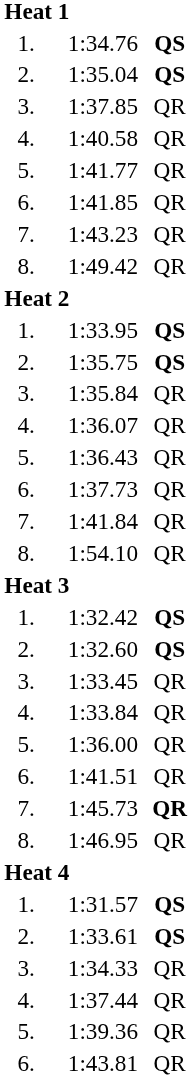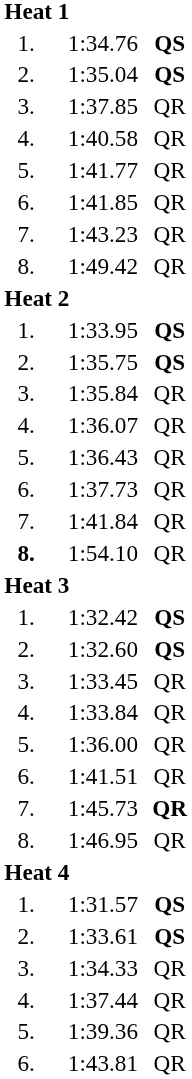 <table style="text-align:center">
 <tr>
 <td colspan=4 align=left><strong>Heat 1</strong></td>
 </tr>
 <tr>
 <td width=30>1.</td>
 <td align=left></td>
 <td width=60>1:34.76</td>
 <td><strong>QS</strong></td>
 </tr>
 <tr>
 <td>2.</td>
 <td align=left></td>
 <td>1:35.04</td>
 <td><strong>QS</strong></td>
 </tr>
 <tr>
 <td>3.</td>
 <td align=left></td>
 <td>1:37.85</td>
 <td>QR</td>
 </tr>
 <tr>
 <td>4.</td>
 <td align=left></td>
 <td>1:40.58</td>
 <td>QR</td>
 </tr>
 <tr>
 <td>5.</td>
 <td align=left></td>
 <td>1:41.77</td>
 <td>QR</td>
 </tr>
 <tr>
 <td>6.</td>
 <td align=left></td>
 <td>1:41.85</td>
 <td>QR</td>
 </tr>
 <tr>
 <td>7.</td>
 <td align=left></td>
 <td>1:43.23</td>
 <td>QR</td>
 </tr>
 <tr>
 <td>8.</td>
 <td align=left></td>
 <td>1:49.42</td>
 <td>QR</td>
 </tr>
 <tr>
 <td colspan=4 align=left><strong>Heat 2</strong></td>
 </tr>
 <tr>
 <td>1.</td>
 <td align=left></td>
 <td>1:33.95</td>
 <td><strong>QS</strong></td>
 </tr>
 <tr>
 <td>2.</td>
 <td align=left></td>
 <td>1:35.75</td>
 <td><strong>QS</strong></td>
 </tr>
 <tr>
 <td>3.</td>
 <td align=left></td>
 <td>1:35.84</td>
 <td>QR</td>
 </tr>
 <tr>
 <td>4.</td>
 <td align=left></td>
 <td>1:36.07</td>
 <td>QR</td>
 </tr>
 <tr>
 <td>5.</td>
 <td align=left></td>
 <td>1:36.43</td>
 <td>QR</td>
 </tr>
 <tr>
 <td>6.</td>
 <td align=left></td>
 <td>1:37.73</td>
 <td>QR</td>
 </tr>
 <tr>
 <td>7.</td>
 <td align=left></td>
 <td>1:41.84</td>
 <td>QR</td>
 </tr>
 <tr>
-<td>8.</td>
+<td><strong>8.</strong></td>
 <td align=left></td>
 <td>1:54.10</td>
 <td>QR</td>
 </tr>
 <tr>
 <td colspan=4 align=left><strong>Heat 3</strong></td>
 </tr>
 <tr>
 <td>1.</td>
 <td align=left></td>
 <td>1:32.42</td>
 <td><strong>QS</strong></td>
 </tr>
 <tr>
 <td>2.</td>
 <td align=left></td>
 <td>1:32.60</td>
 <td><strong>QS</strong></td>
 </tr>
 <tr>
 <td>3.</td>
 <td align=left></td>
 <td>1:33.45</td>
 <td>QR</td>
 </tr>
 <tr>
 <td>4.</td>
 <td align=left></td>
 <td>1:33.84</td>
 <td>QR</td>
 </tr>
 <tr>
 <td>5.</td>
 <td align=left></td>
 <td>1:36.00</td>
 <td>QR</td>
 </tr>
 <tr>
 <td>6.</td>
 <td align=left></td>
 <td>1:41.51</td>
 <td>QR</td>
 </tr>
 <tr>
 <td>7.</td>
 <td align=left></td>
 <td>1:45.73</td>
 <td><strong>QR</strong></td>
 </tr>
 <tr>
 <td>8.</td>
 <td align=left></td>
 <td>1:46.95</td>
 <td>QR</td>
 </tr>
 <tr>
 <td colspan=4 align=left><strong>Heat 4</strong></td>
 </tr>
 <tr>
 <td>1.</td>
 <td align=left></td>
 <td>1:31.57</td>
 <td><strong>QS</strong></td>
 </tr>
 <tr>
 <td>2.</td>
 <td align=left></td>
 <td>1:33.61</td>
 <td><strong>QS</strong></td>
 </tr>
 <tr>
 <td>3.</td>
 <td align=left></td>
 <td>1:34.33</td>
 <td>QR</td>
 </tr>
 <tr>
 <td>4.</td>
 <td align=left></td>
 <td>1:37.44</td>
 <td>QR</td>
 </tr>
 <tr>
 <td>5.</td>
 <td align=left></td>
 <td>1:39.36</td>
 <td>QR</td>
 </tr>
 <tr>
 <td>6.</td>
 <td align=left></td>
 <td>1:43.81</td>
 <td>QR</td>
 </tr>
 </table>
